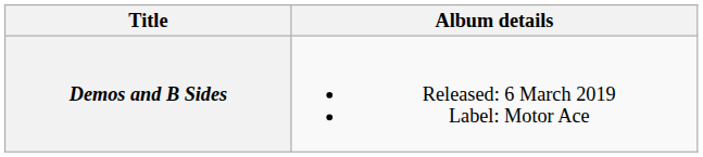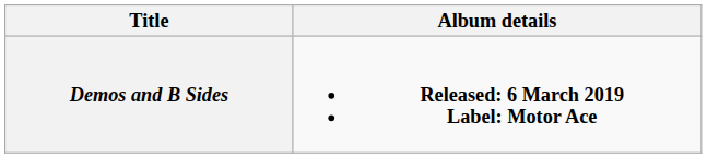 <table class="wikitable plainrowheaders" style="text-align:center;">
 <tr>
 <th scope="col" style="width:14em;">Title</th>
 <th scope="col" style="width:20em;">Album details</th>
 </tr>
 <tr>
 <th scope="row"><em>Demos and B Sides</em></th>
-<td><br><ul><li>Released: 6 March 2019</li><li>Label: Motor Ace</li></ul></td>
+<td><strong><br><ul><li>Released: 6 March 2019</li><li>Label: Motor Ace</li></ul></strong></td>
 </tr>
 </table>
